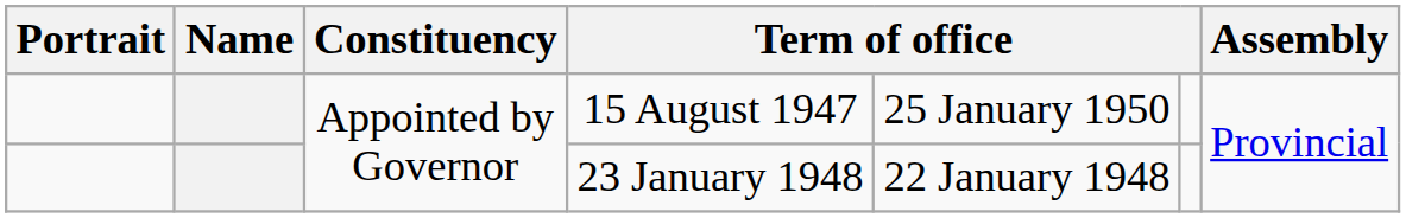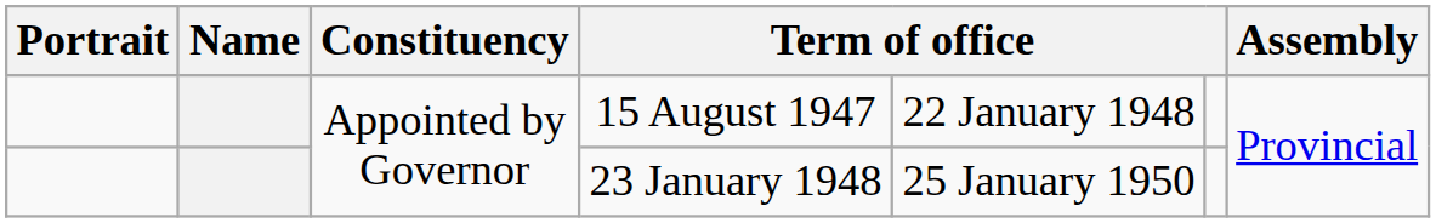 <table class="wikitable sortable" style="text-align:center">
 <tr>
 <th class="unsortable" scope="col">Portrait</th>
 <th scope="col" class="sortable">Name</th>
 <th scope="col">Constituency</th>
 <th colspan="3" scope="colgroup">Term of office</th>
 <th scope="col">Assembly</th>
 </tr>
 <tr align="center">
 <td></td>
 <th scope="row"></th>
 <td rowspan="2">Appointed by<br>Governor</td>
 <td>15 August 1947</td>
-<td>25 January 1950</td>
+<td>22 January 1948</td>
 <td></td>
 <td rowspan="2"><a href='#'>Provincial</a></td>
 </tr>
 <tr align="center">
 <td></td>
 <th scope="row"></th>
 <td>23 January 1948</td>
-<td>22 January 1948</td>
+<td>25 January 1950</td>
 <td></td>
 </tr>
 </table>
